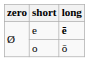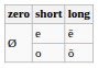 <table class="wikitable">
 <tr>
 <th>zero</th>
 <th>short</th>
 <th>long</th>
 </tr>
 <tr>
 <td rowspan=2>Ø</td>
 <td>e</td>
-<td><strong>ē</strong></td>
+<td>ē</td>
 </tr>
 <tr>
 <td>o</td>
 <td>ō</td>
 </tr>
 </table>
